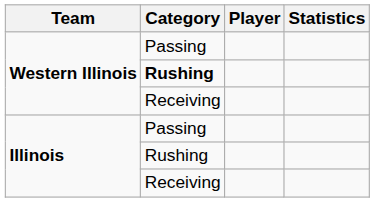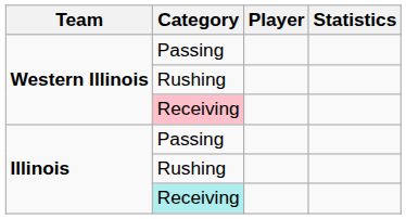 <table class="wikitable" style="float: right;">
 <tr>
 <th>Team</th>
 <th>Category</th>
 <th>Player</th>
 <th>Statistics</th>
 </tr>
 <tr>
 <td rowspan=3><strong>Western Illinois</strong></td>
 <td>Passing</td>
 <td></td>
 <td></td>
 </tr>
 <tr>
-<td><strong>Rushing</strong></td>
+<td>Rushing</td>
 <td></td>
 <td></td>
 </tr>
 <tr>
-<td>Receiving</td>
+<td style="background: pink;">Receiving</td>
 <td></td>
 <td></td>
 </tr>
 <tr>
 <td rowspan=3><strong>Illinois</strong></td>
 <td>Passing</td>
 <td></td>
 <td></td>
 </tr>
 <tr>
 <td>Rushing</td>
 <td></td>
 <td></td>
 </tr>
 <tr>
-<td>Receiving</td>
+<td style="background: paleturquoise;">Receiving</td>
 <td></td>
 <td></td>
 </tr>
 </table>
